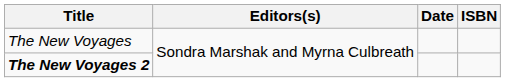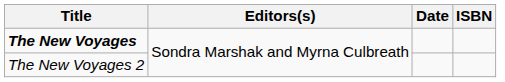 <table class="wikitable">
 <tr>
 <th>Title</th>
 <th>Editors(s)</th>
 <th>Date</th>
 <th>ISBN</th>
 </tr>
 <tr>
-<td><em>The New Voyages</em></td>
+<td><strong><em>The New Voyages</em></strong></td>
 <td rowspan="2">Sondra Marshak and Myrna Culbreath</td>
 <td></td>
 <td></td>
 </tr>
 <tr>
-<td><strong><em>The New Voyages 2</em></strong></td>
+<td><em>The New Voyages 2</em></td>
 <td></td>
 <td></td>
 </tr>
 </table>
